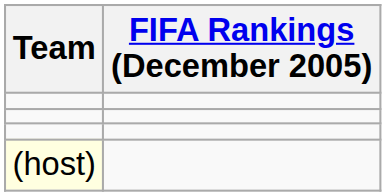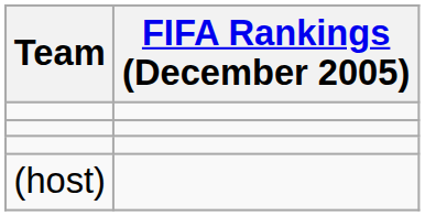 <table class="wikitable sortable" style="text-align: left;">
 <tr>
 <th>Team</th>
 <th><a href='#'>FIFA Rankings</a><br>(December 2005)</th>
 </tr>
 <tr>
 <td></td>
 <td></td>
 </tr>
 <tr>
 <td></td>
 <td></td>
 </tr>
 <tr>
 <td></td>
 <td></td>
 </tr>
 <tr>
-<td style="background: lightyellow;"> (host)</td>
+<td> (host)</td>
 <td></td>
 </tr>
 </table>
